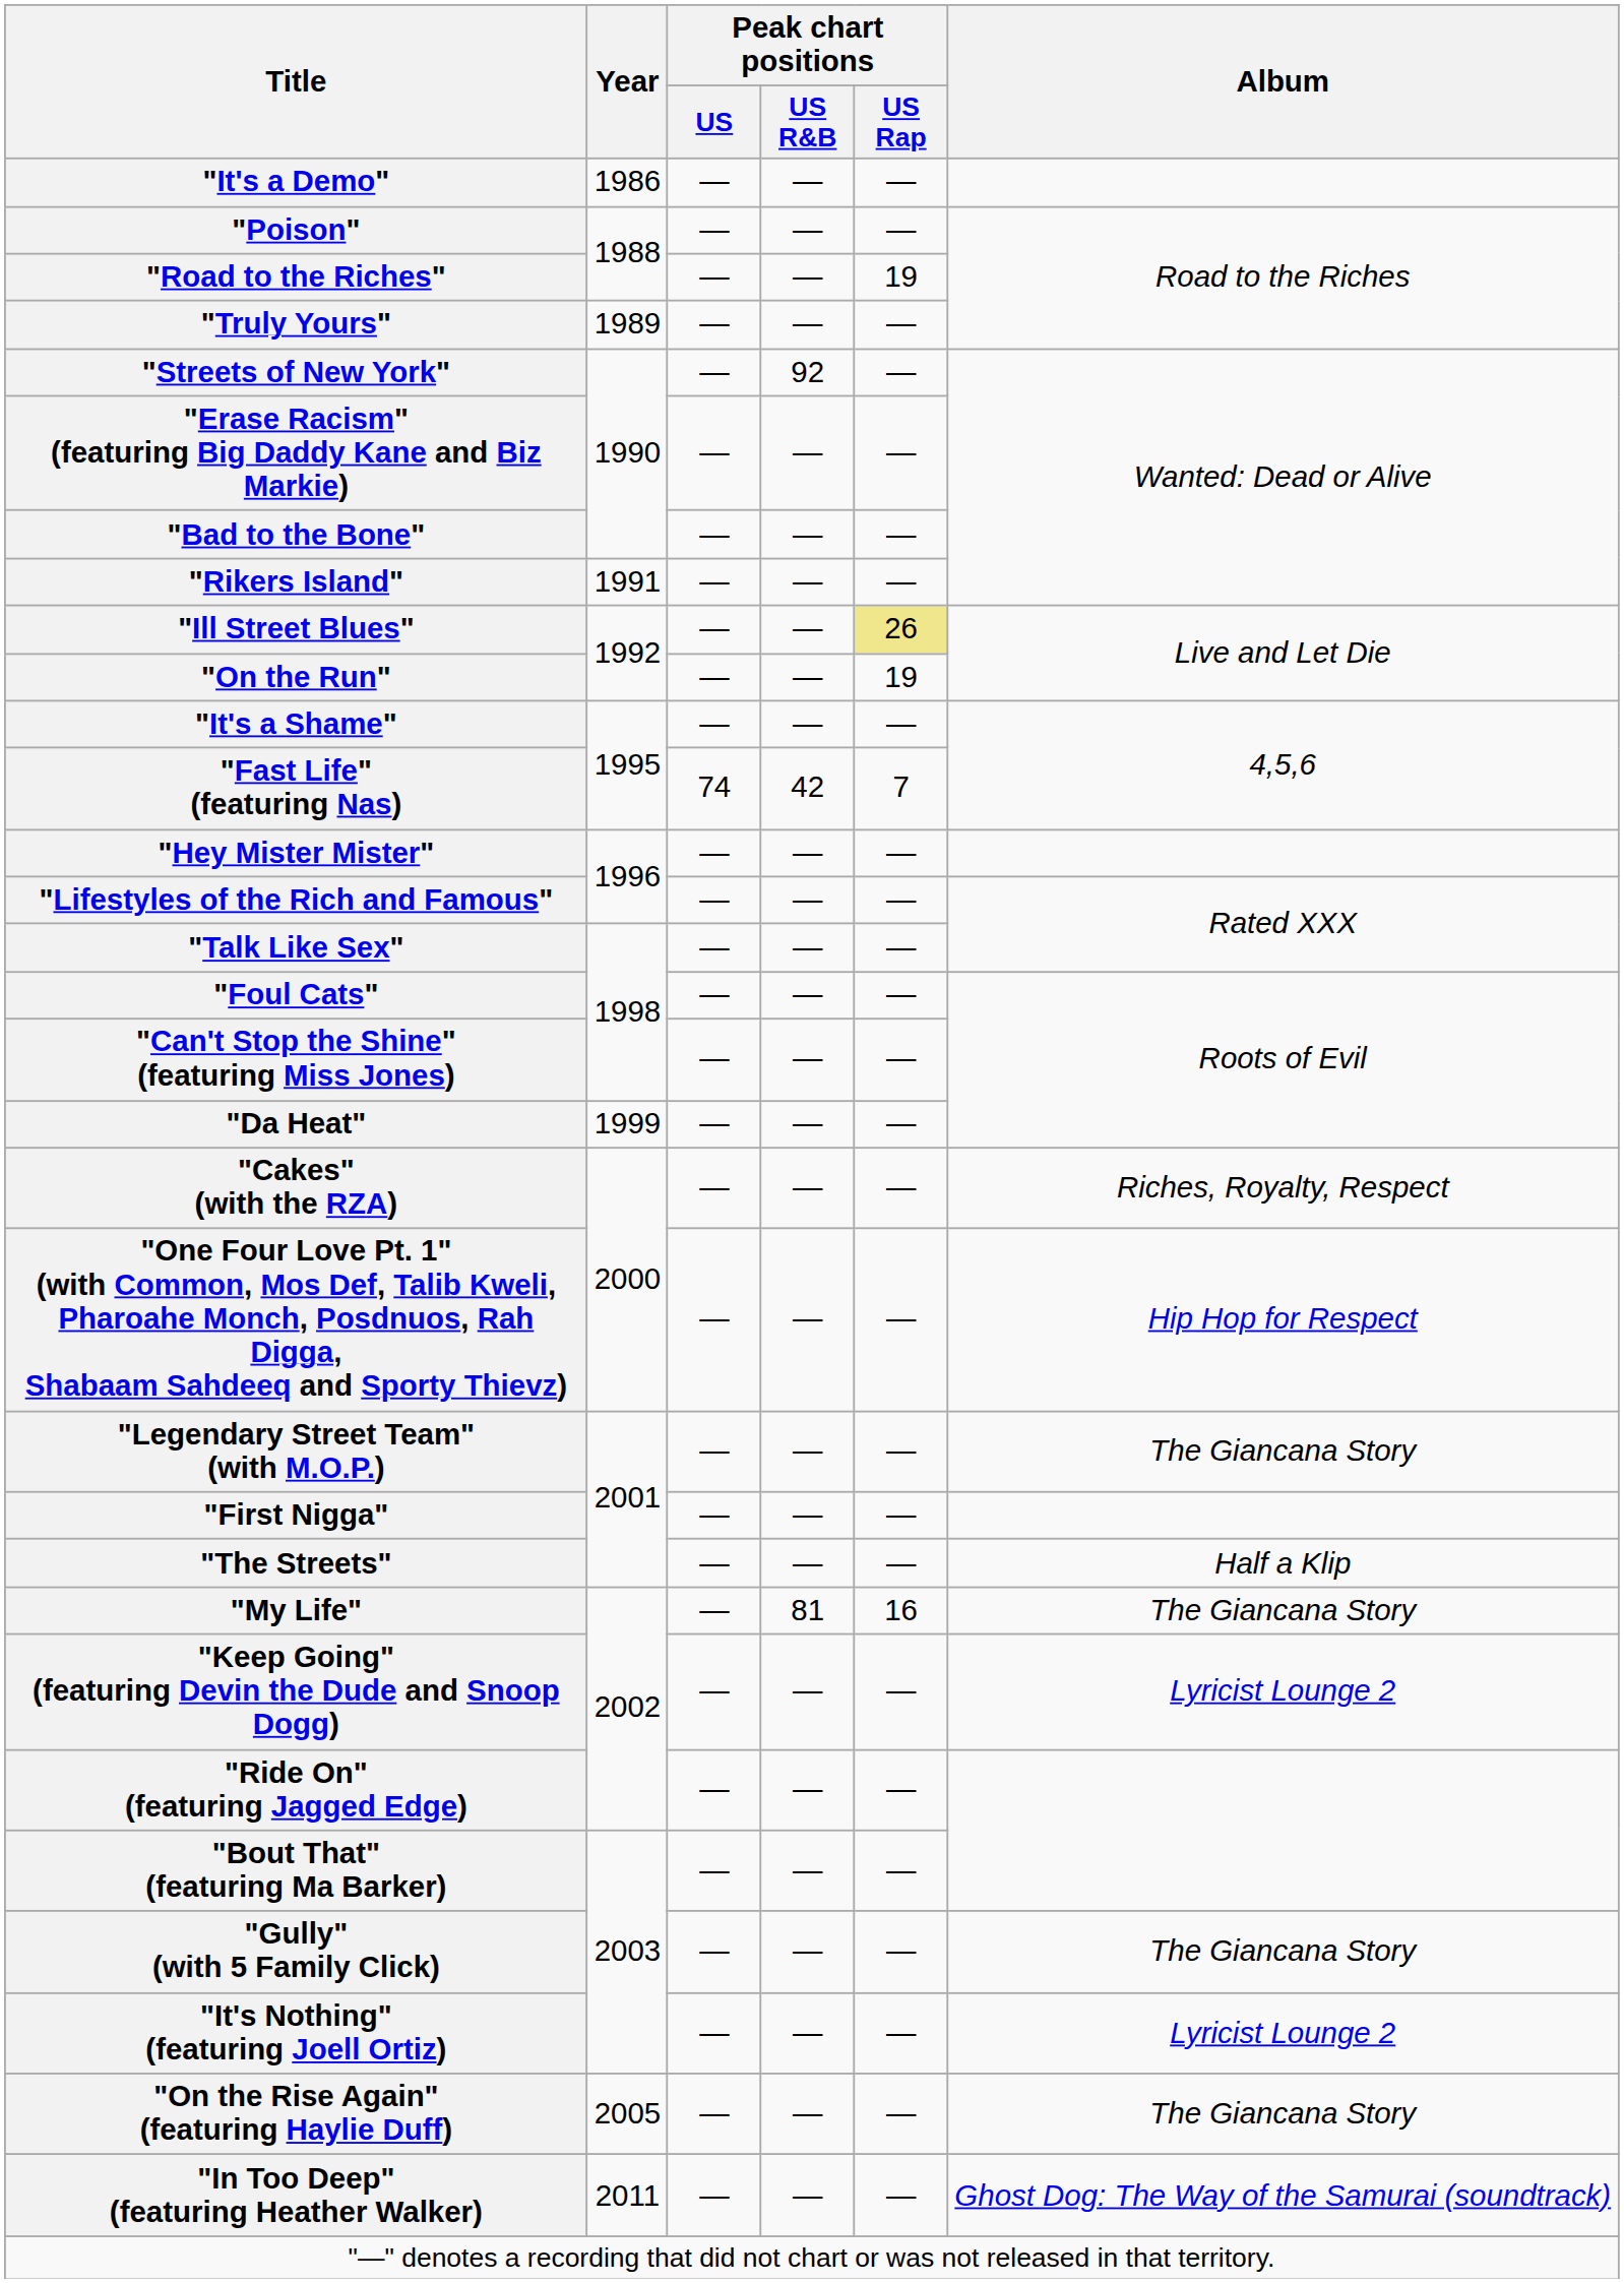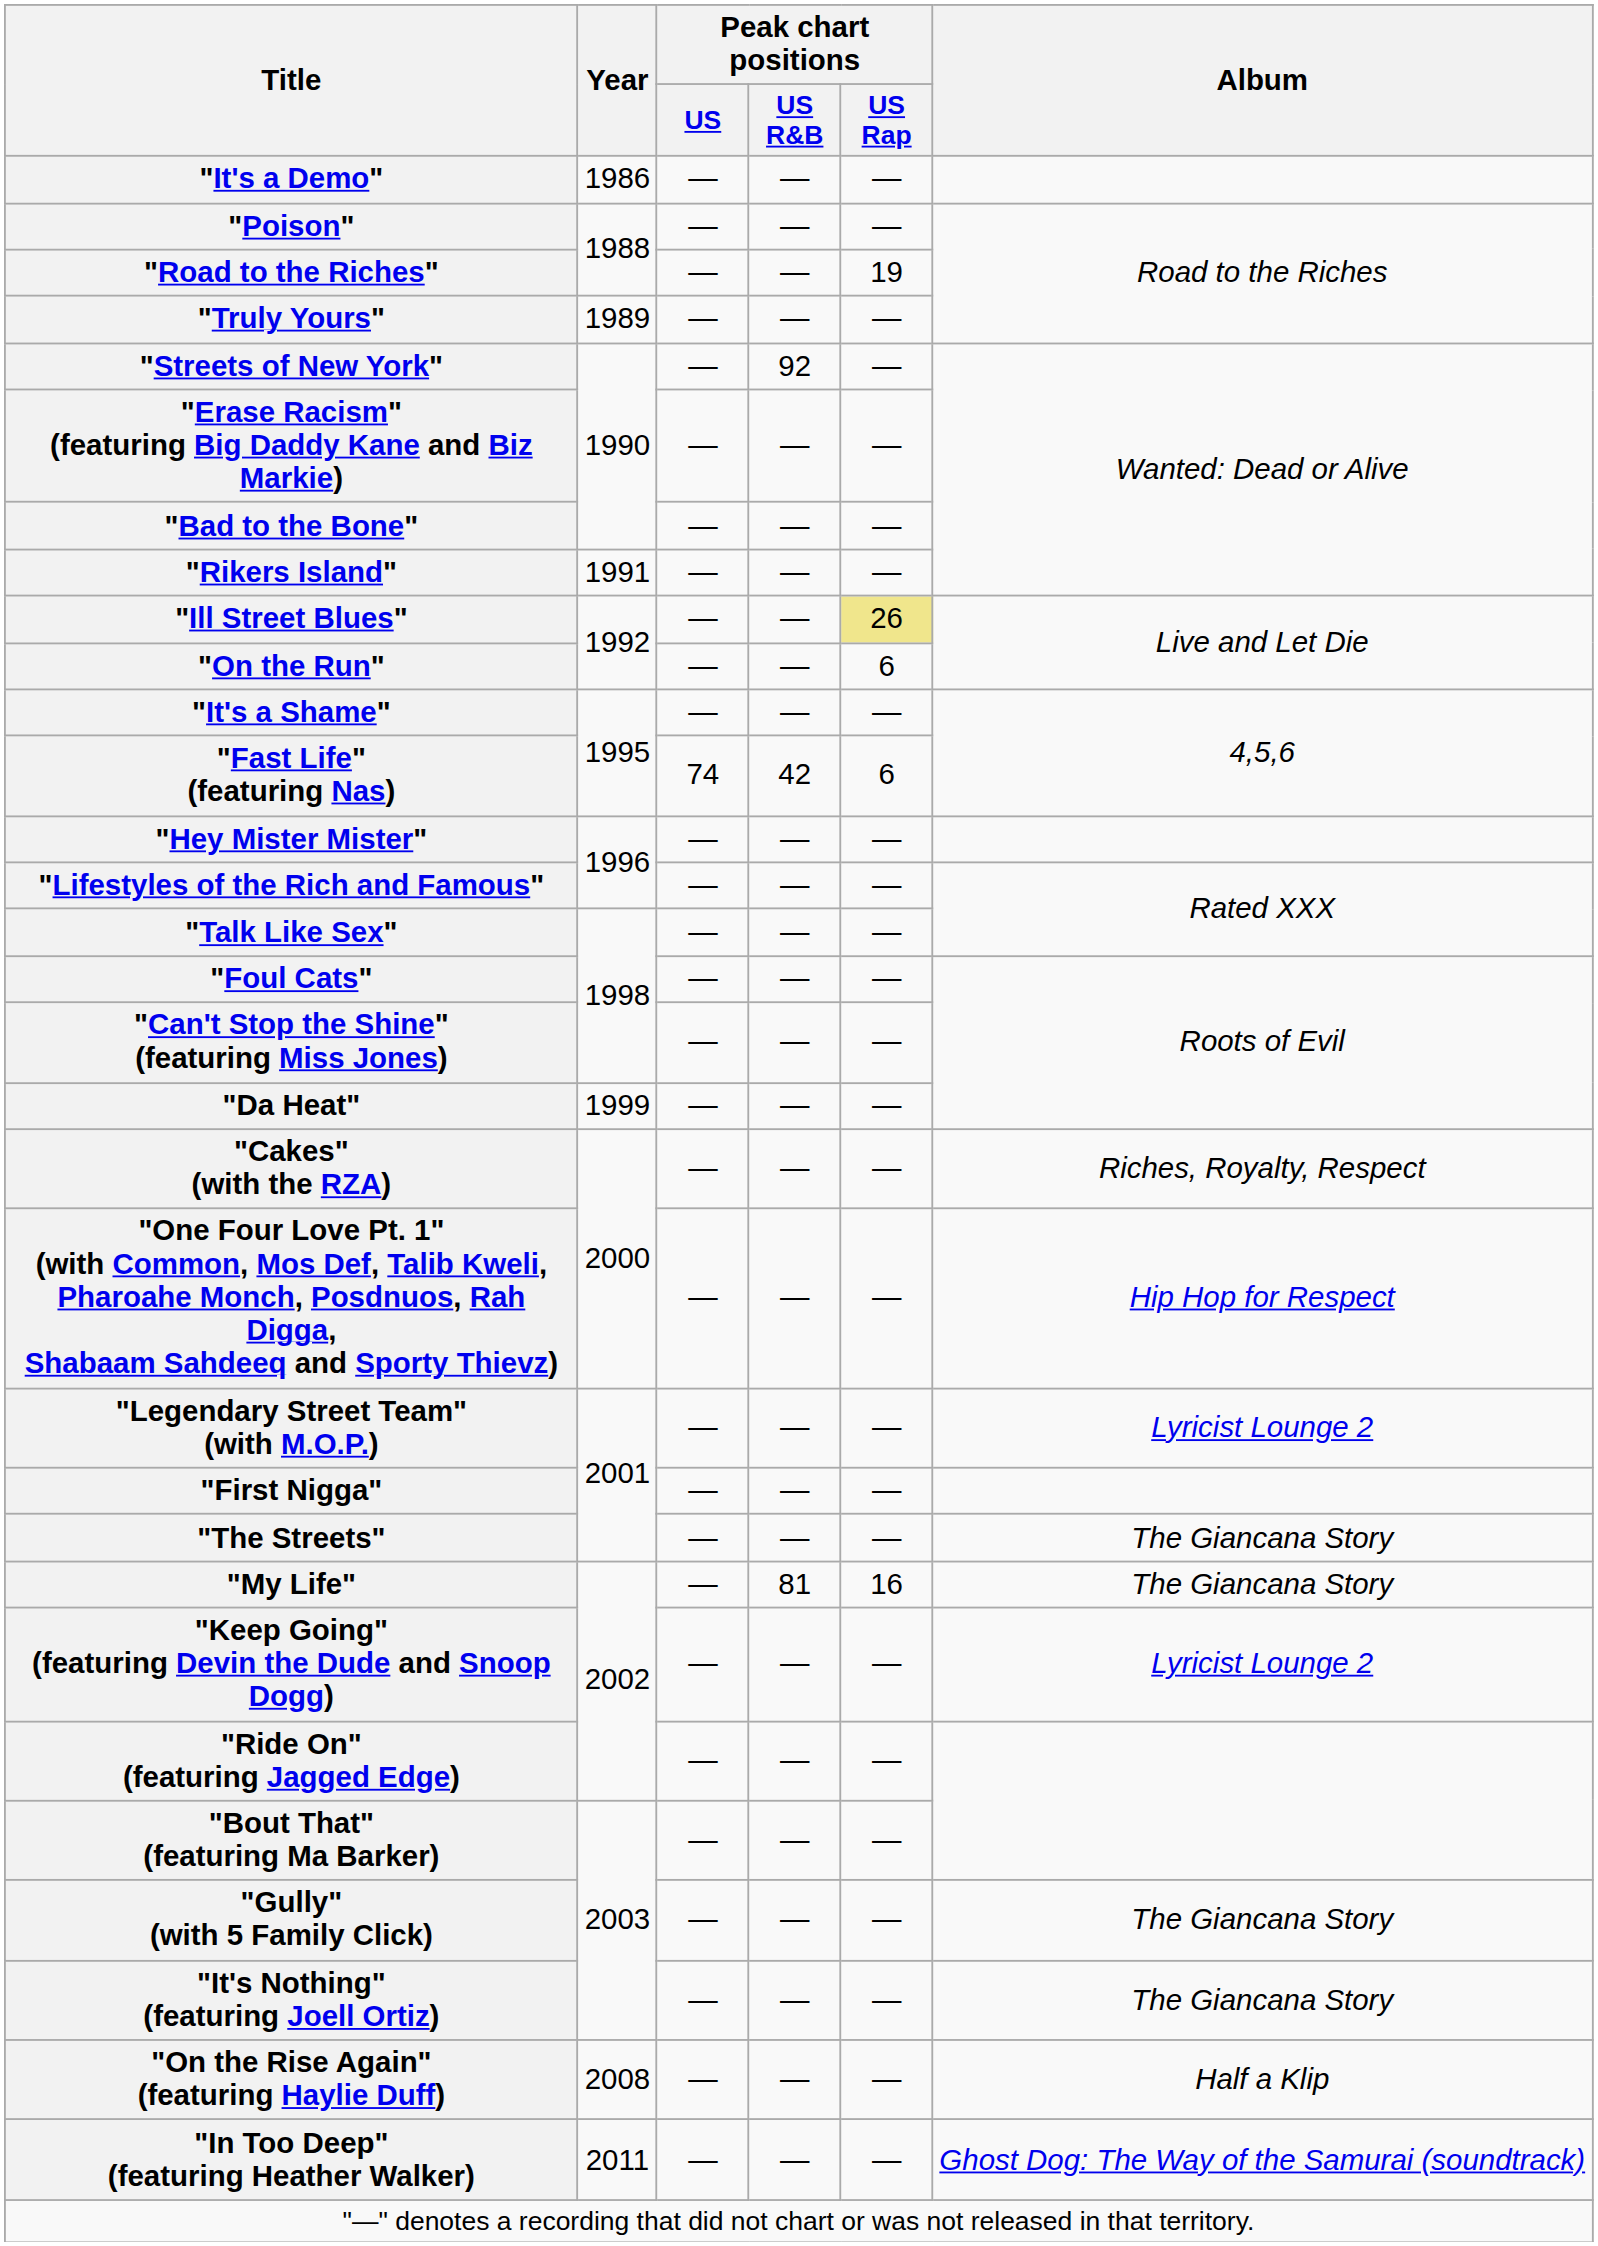 <table class="wikitable plainrowheaders" style="text-align:center;">
 <tr>
 <th scope="col" rowspan="2" style="width:19em;">Title</th>
 <th scope="col" rowspan="2">Year</th>
 <th scope="col" colspan="3">Peak chart<br>positions</th>
 <th scope="col" rowspan="2">Album</th>
 </tr>
 <tr>
 <th scope="col" style="width:3em;font-size:90%;"><a href='#'>US</a><br></th>
 <th scope="col" style="width:3em;font-size:90%;"><a href='#'>US<br>R&B</a><br></th>
 <th scope="col" style="width:3em;font-size:90%;"><a href='#'>US<br>Rap</a><br></th>
 </tr>
 <tr>
 <th scope="row">"<a href='#'>It's a Demo</a>"</th>
 <td>1986</td>
 <td>—</td>
 <td>—</td>
 <td>—</td>
 <td></td>
 </tr>
 <tr>
 <th scope="row">"<a href='#'>Poison</a>"</th>
 <td rowspan="2">1988</td>
 <td>—</td>
 <td>—</td>
 <td>—</td>
 <td rowspan="3"><em>Road to the Riches</em></td>
 </tr>
 <tr>
 <th scope="row">"<a href='#'>Road to the Riches</a>"</th>
 <td>—</td>
 <td>—</td>
 <td>19</td>
 </tr>
 <tr>
 <th scope="row">"<a href='#'>Truly Yours</a>"</th>
 <td>1989</td>
 <td>—</td>
 <td>—</td>
 <td>—</td>
 </tr>
 <tr>
 <th scope="row">"<a href='#'>Streets of New York</a>"</th>
 <td rowspan="3">1990</td>
 <td>—</td>
 <td>92</td>
 <td>—</td>
 <td rowspan="4"><em>Wanted: Dead or Alive</em></td>
 </tr>
 <tr>
 <th scope="row">"<a href='#'>Erase Racism</a>"<br><span>(featuring <a href='#'>Big Daddy Kane</a> and <a href='#'>Biz Markie</a>)</span></th>
 <td>—</td>
 <td>—</td>
 <td>—</td>
 </tr>
 <tr>
 <th scope="row">"<a href='#'>Bad to the Bone</a>"</th>
 <td>—</td>
 <td>—</td>
 <td>—</td>
 </tr>
 <tr>
 <th scope="row">"<a href='#'>Rikers Island</a>"</th>
 <td>1991</td>
 <td>—</td>
 <td>—</td>
 <td>—</td>
 </tr>
 <tr>
 <th scope="row">"<a href='#'>Ill Street Blues</a>"</th>
 <td rowspan="2">1992</td>
 <td>—</td>
 <td>—</td>
 <td style="background: khaki;">26</td>
 <td rowspan="2"><em>Live and Let Die</em></td>
 </tr>
 <tr>
 <th scope="row">"<a href='#'>On the Run</a>"</th>
 <td>—</td>
 <td>—</td>
-<td>19</td>
+<td>6</td>
 </tr>
 <tr>
 <th scope="row">"<a href='#'>It's a Shame</a>"</th>
 <td rowspan="2">1995</td>
 <td>—</td>
 <td>—</td>
 <td>—</td>
 <td rowspan="2"><em>4,5,6</em></td>
 </tr>
 <tr>
 <th scope="row">"<a href='#'>Fast Life</a>"<br><span>(featuring <a href='#'>Nas</a>)</span></th>
 <td>74</td>
 <td>42</td>
-<td>7</td>
+<td>6</td>
 </tr>
 <tr>
 <th scope="row">"<a href='#'>Hey Mister Mister</a>"</th>
 <td rowspan="2">1996</td>
 <td>—</td>
 <td>—</td>
 <td>—</td>
 <td></td>
 </tr>
 <tr>
 <th scope="row">"<a href='#'>Lifestyles of the Rich and Famous</a>"</th>
 <td>—</td>
 <td>—</td>
 <td>—</td>
 <td rowspan="2"><em>Rated XXX</em></td>
 </tr>
 <tr>
 <th scope="row">"<a href='#'>Talk Like Sex</a>"</th>
 <td rowspan="3">1998</td>
 <td>—</td>
 <td>—</td>
 <td>—</td>
 </tr>
 <tr>
 <th scope="row">"<a href='#'>Foul Cats</a>"</th>
 <td>—</td>
 <td>—</td>
 <td>—</td>
 <td rowspan="3"><em>Roots of Evil</em></td>
 </tr>
 <tr>
 <th scope="row">"<a href='#'>Can't Stop the Shine</a>"<br><span>(featuring <a href='#'>Miss Jones</a>)</span></th>
 <td>—</td>
 <td>—</td>
 <td>—</td>
 </tr>
 <tr>
 <th scope="row">"Da Heat"</th>
 <td>1999</td>
 <td>—</td>
 <td>—</td>
 <td>—</td>
 </tr>
 <tr>
 <th scope="row">"Cakes"<br><span>(with the <a href='#'>RZA</a>)</span></th>
 <td rowspan="2">2000</td>
 <td>—</td>
 <td>—</td>
 <td>—</td>
 <td><em>Riches, Royalty, Respect</em></td>
 </tr>
 <tr>
 <th scope="row">"One Four Love Pt. 1"<br><span>(with <a href='#'>Common</a>, <a href='#'>Mos Def</a>, <a href='#'>Talib Kweli</a>,<br><a href='#'>Pharoahe Monch</a>, <a href='#'>Posdnuos</a>, <a href='#'>Rah Digga</a>,<br><a href='#'>Shabaam Sahdeeq</a> and <a href='#'>Sporty Thievz</a>)</span></th>
 <td>—</td>
 <td>—</td>
 <td>—</td>
 <td><em><a href='#'>Hip Hop for Respect</a></em></td>
 </tr>
 <tr>
 <th scope="row">"Legendary Street Team"<br><span>(with <a href='#'>M.O.P.</a>)</span></th>
 <td rowspan="3">2001</td>
 <td>—</td>
 <td>—</td>
 <td>—</td>
-<td><em>The Giancana Story</em></td>
+<td><em><a href='#'>Lyricist Lounge 2</a></em></td>
 </tr>
 <tr>
 <th scope="row">"First Nigga"</th>
 <td>—</td>
 <td>—</td>
 <td>—</td>
 <td></td>
 </tr>
 <tr>
 <th scope="row">"The Streets"</th>
 <td>—</td>
 <td>—</td>
 <td>—</td>
-<td><em>Half a Klip</em></td>
+<td><em>The Giancana Story</em></td>
 </tr>
 <tr>
 <th scope="row">"My Life"</th>
 <td rowspan="3">2002</td>
 <td>—</td>
 <td>81</td>
 <td>16</td>
 <td><em>The Giancana Story</em></td>
 </tr>
 <tr>
 <th scope="row">"Keep Going"<br><span>(featuring <a href='#'>Devin the Dude</a> and <a href='#'>Snoop Dogg</a>)</span></th>
 <td>—</td>
 <td>—</td>
 <td>—</td>
 <td><em><a href='#'>Lyricist Lounge 2</a></em></td>
 </tr>
 <tr>
 <th scope="row">"Ride On"<br><span>(featuring <a href='#'>Jagged Edge</a>)</span></th>
 <td>—</td>
 <td>—</td>
 <td>—</td>
 </tr>
 <tr>
 <th scope="row">"Bout That"<br><span>(featuring Ma Barker)</span></th>
 <td rowspan="3">2003</td>
 <td>—</td>
 <td>—</td>
 <td>—</td>
 </tr>
 <tr>
 <th scope="row">"Gully"<br><span>(with 5 Family Click)</span></th>
 <td>—</td>
 <td>—</td>
 <td>—</td>
 <td><em>The Giancana Story</em></td>
 </tr>
 <tr>
 <th scope="row">"It's Nothing"<br><span>(featuring <a href='#'>Joell Ortiz</a>)</span></th>
 <td>—</td>
 <td>—</td>
 <td>—</td>
-<td><em><a href='#'>Lyricist Lounge 2</a></em></td>
+<td><em>The Giancana Story</em></td>
 </tr>
 <tr>
 <th scope="row">"On the Rise Again"<br><span>(featuring <a href='#'>Haylie Duff</a>)</span></th>
-<td>2005</td>
+<td>2008</td>
 <td>—</td>
 <td>—</td>
 <td>—</td>
-<td><em>The Giancana Story</em></td>
+<td><em>Half a Klip</em></td>
 </tr>
 <tr>
 <th scope="row">"In Too Deep"<br><span>(featuring Heather Walker)</span></th>
 <td>2011</td>
 <td>—</td>
 <td>—</td>
 <td>—</td>
 <td><em><a href='#'>Ghost Dog: The Way of the Samurai (soundtrack)</a></em></td>
 </tr>
 <tr>
 <td colspan="14" style="font-size:90%">"—" denotes a recording that did not chart or was not released in that territory.</td>
 </tr>
 </table>
